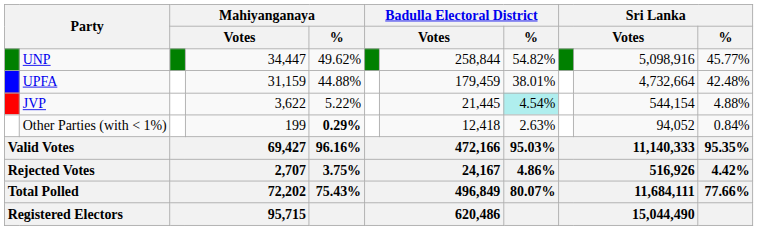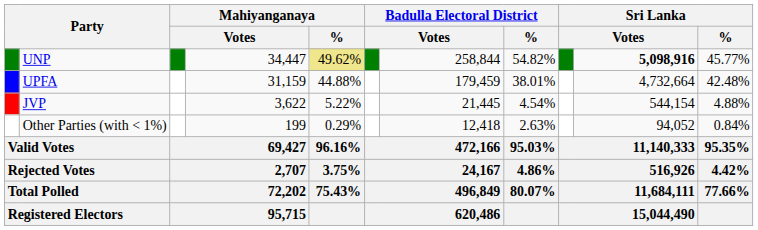 <table class="wikitable">
 <tr>
 <th colspan="2" width="144px"rowspan="2">Party</th>
 <th colspan="3" width="216px">Mahiyanganaya</th>
 <th colspan="3" width="216px"><a href='#'>Badulla Electoral District</a></th>
 <th colspan="3" width="216px">Sri Lanka</th>
 </tr>
 <tr>
 <th colspan="2" width="144px">Votes</th>
 <th>%</th>
 <th colspan="2" width="144px">Votes</th>
 <th>%</th>
 <th colspan="2" width="144px">Votes</th>
 <th>%</th>
 </tr>
 <tr>
 <td style="background-color:green;" width="10px"></td>
 <td style="text-align:left;"><a href='#'>UNP</a></td>
 <td style="background-color:green;" width="10px"></td>
 <td style="text-align:right;">34,447</td>
-<td style="text-align:right;">49.62%</td>
+<td style="background: khaki; text-align:right;">49.62%</td>
 <td style="background-color:green;" width="10px"></td>
 <td style="text-align:right;">258,844</td>
 <td style="text-align:right;">54.82%</td>
 <td style="background-color:green;" width="10px"></td>
-<td style="text-align:right;">5,098,916</td>
+<td style="text-align:right;"><strong>5,098,916</strong></td>
 <td style="text-align:right;">45.77%</td>
 </tr>
 <tr>
 <td style="background-color:blue;" width="10px"></td>
 <td style="text-align:left;"><a href='#'>UPFA</a></td>
 <td style="background-color:white;" width="10px"></td>
 <td style="text-align:right;">31,159</td>
 <td style="text-align:right;">44.88%</td>
 <td style="background-color:white;" width="10px"></td>
 <td style="text-align:right;">179,459</td>
 <td style="text-align:right;">38.01%</td>
 <td style="background-color:white;" width="10px"></td>
 <td style="text-align:right;">4,732,664</td>
 <td style="text-align:right;">42.48%</td>
 </tr>
 <tr>
 <td style="background-color:red;" width="10px"></td>
 <td style="text-align:left;"><a href='#'>JVP</a></td>
 <td style="background-color:white;" width="10px"></td>
 <td style="text-align:right;">3,622</td>
 <td style="text-align:right;">5.22%</td>
 <td style="background-color:white;" width="10px"></td>
 <td style="text-align:right;">21,445</td>
-<td style="background: paleturquoise; text-align:right;">4.54%</td>
+<td style="text-align:right;">4.54%</td>
 <td style="background-color:white;" width="10px"></td>
 <td style="text-align:right;">544,154</td>
 <td style="text-align:right;">4.88%</td>
 </tr>
 <tr>
 <td style="background-color:white;" width="10px"></td>
 <td style="text-align:left;">Other Parties (with < 1%)</td>
 <td style="background-color:white;" width="10px"></td>
 <td style="text-align:right;">199</td>
-<td style="text-align:right;"><strong>0.29%</strong></td>
+<td style="text-align:right;">0.29%</td>
 <td style="background-color:white;" width="10px"></td>
 <td style="text-align:right;">12,418</td>
 <td style="text-align:right;">2.63%</td>
 <td style="background-color:white;" width="10px"></td>
 <td style="text-align:right;">94,052</td>
 <td style="text-align:right;">0.84%</td>
 </tr>
 <tr>
 <th colspan="2" width="144px"style="text-align:left;">Valid Votes</th>
 <th style="text-align:right;"colspan="2" width="144px">69,427</th>
 <th style="text-align:right;">96.16%</th>
 <th style="text-align:right;"colspan="2" width="144px">472,166</th>
 <th style="text-align:right;">95.03%</th>
 <th style="text-align:right;"colspan="2" width="144px">11,140,333</th>
 <th style="text-align:right;">95.35%</th>
 </tr>
 <tr>
 <th colspan="2" width="144px"style="text-align:left;">Rejected Votes</th>
 <th style="text-align:right;"colspan="2" width="144px">2,707</th>
 <th style="text-align:right;">3.75%</th>
 <th style="text-align:right;"colspan="2" width="144px">24,167</th>
 <th style="text-align:right;">4.86%</th>
 <th style="text-align:right;"colspan="2" width="144px">516,926</th>
 <th style="text-align:right;">4.42%</th>
 </tr>
 <tr>
 <th colspan="2" width="144px"style="text-align:left;">Total Polled</th>
 <th style="text-align:right;"colspan="2" width="144px">72,202</th>
 <th style="text-align:right;">75.43%</th>
 <th style="text-align:right;"colspan="2" width="144px">496,849</th>
 <th style="text-align:right;">80.07%</th>
 <th style="text-align:right;"colspan="2" width="144px">11,684,111</th>
 <th style="text-align:right;">77.66%</th>
 </tr>
 <tr>
 <th colspan="2" width="144px"style="text-align:left;">Registered Electors</th>
 <th style="text-align:right;"colspan="2" width="144px">95,715</th>
 <th></th>
 <th style="text-align:right;"colspan="2" width="144px">620,486</th>
 <th></th>
 <th style="text-align:right;"colspan="2" width="144px">15,044,490</th>
 <th></th>
 </tr>
 </table>
